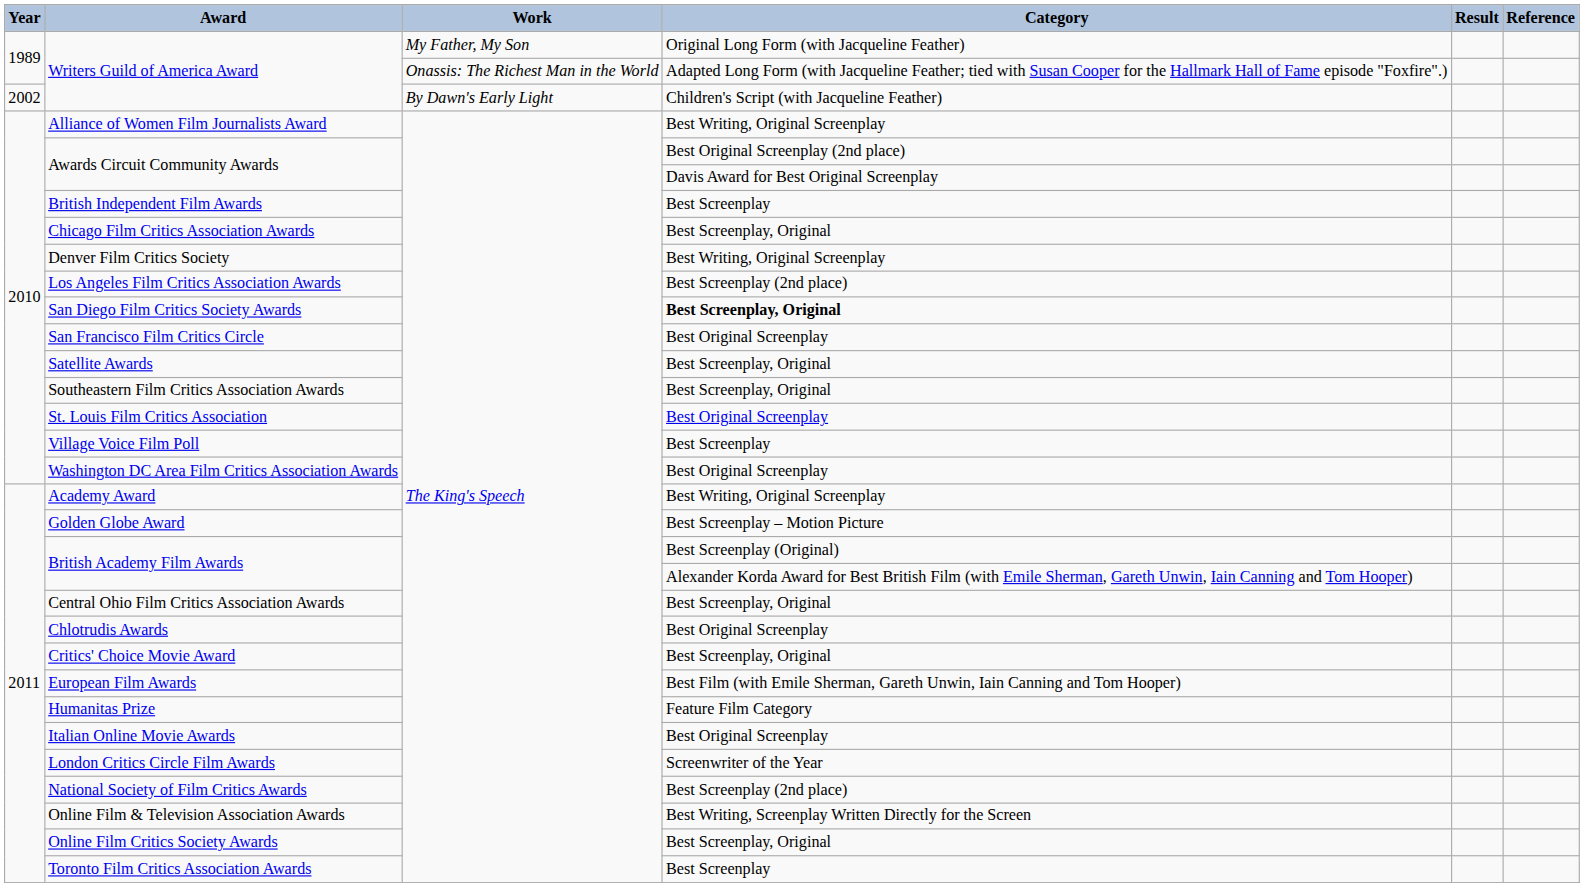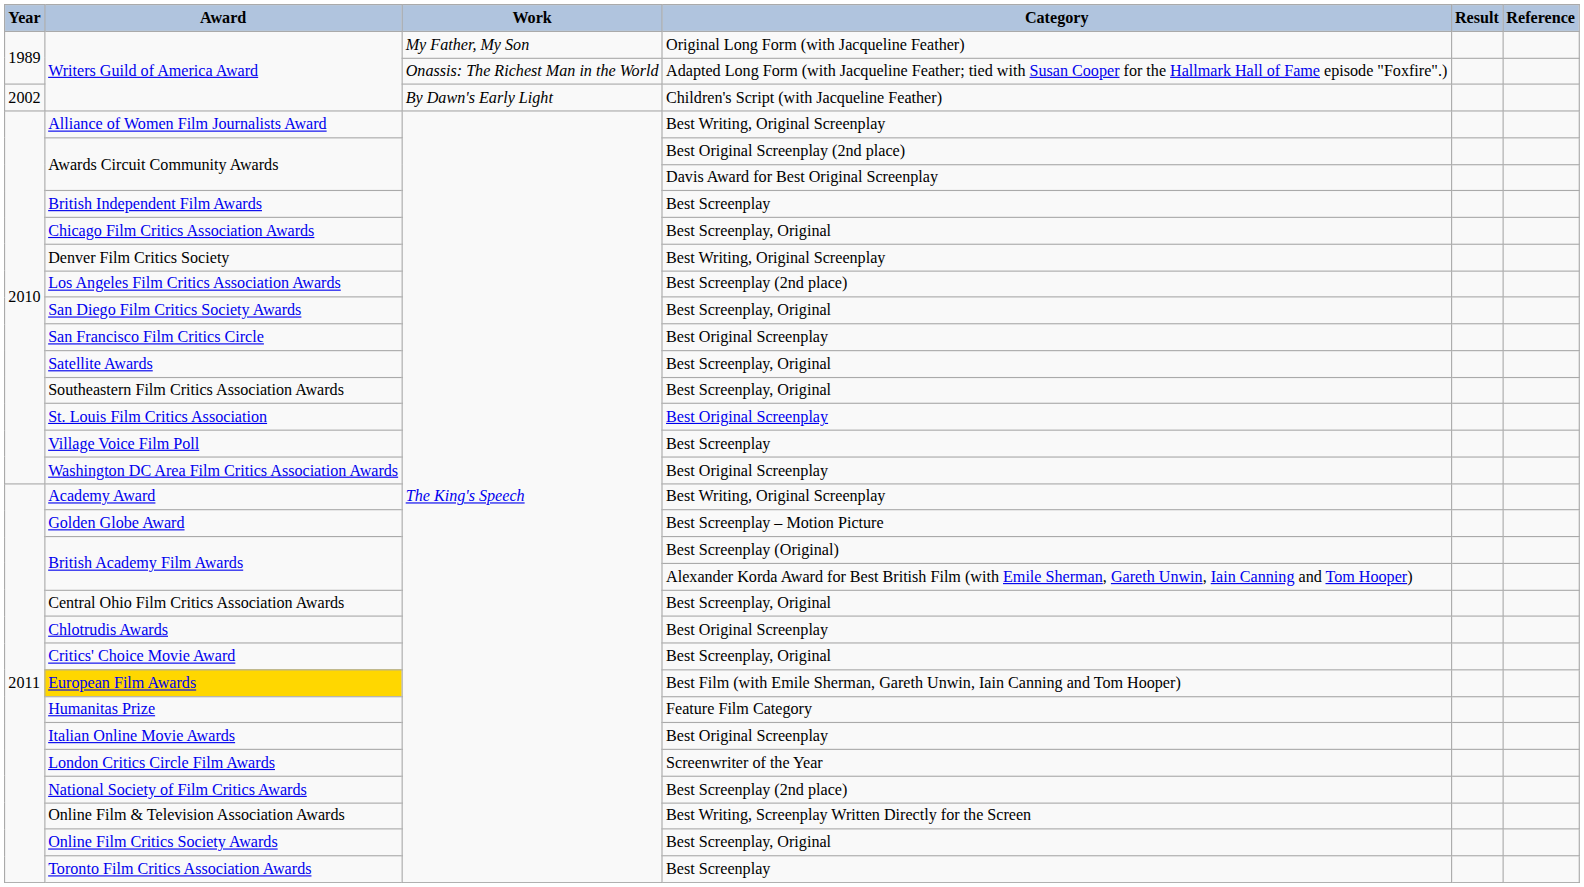 <table class="wikitable" style="font-size:90%">
 <tr style="text-align:center;">
 <th style="background:#B0C4DE;">Year</th>
 <th style="background:#B0C4DE;">Award</th>
 <th style="background:#B0C4DE;">Work</th>
 <th style="background:#B0C4DE;">Category</th>
 <th style="background:#B0C4DE;">Result</th>
 <th style="background:#B0C4DE;">Reference</th>
 </tr>
 <tr>
 <td rowspan="2">1989</td>
 <td rowspan="3"><a href='#'>Writers Guild of America Award</a></td>
 <td><em>My Father, My Son</em></td>
 <td>Original Long Form (with Jacqueline Feather)</td>
 <td></td>
 <td></td>
 </tr>
 <tr>
 <td><em>Onassis: The Richest Man in the World</em></td>
 <td>Adapted Long Form (with Jacqueline Feather; tied with <a href='#'>Susan Cooper</a> for the <a href='#'>Hallmark Hall of Fame</a> episode "Foxfire".)</td>
 <td></td>
 <td></td>
 </tr>
 <tr>
 <td>2002</td>
 <td><em>By Dawn's Early Light</em></td>
 <td>Children's Script (with Jacqueline Feather)</td>
 <td></td>
 <td></td>
 </tr>
 <tr>
 <td rowspan="14">2010</td>
 <td><a href='#'>Alliance of Women Film Journalists Award</a></td>
 <td rowspan="29"><em><a href='#'>The King's Speech</a></em></td>
 <td>Best Writing, Original Screenplay</td>
 <td></td>
 <td></td>
 </tr>
 <tr>
 <td rowspan="2">Awards Circuit Community Awards</td>
 <td>Best Original Screenplay (2nd place)</td>
 <td></td>
 <td></td>
 </tr>
 <tr>
 <td>Davis Award for Best Original Screenplay</td>
 <td></td>
 <td></td>
 </tr>
 <tr>
 <td><a href='#'>British Independent Film Awards</a></td>
 <td>Best Screenplay</td>
 <td></td>
 <td></td>
 </tr>
 <tr>
 <td><a href='#'>Chicago Film Critics Association Awards</a></td>
 <td>Best Screenplay, Original</td>
 <td></td>
 <td></td>
 </tr>
 <tr>
 <td>Denver Film Critics Society</td>
 <td>Best Writing, Original Screenplay</td>
 <td></td>
 <td></td>
 </tr>
 <tr>
 <td><a href='#'>Los Angeles Film Critics Association Awards</a></td>
 <td>Best Screenplay (2nd place)</td>
 <td></td>
 <td></td>
 </tr>
 <tr>
 <td><a href='#'>San Diego Film Critics Society Awards</a></td>
-<td><strong>Best Screenplay, Original</strong></td>
+<td>Best Screenplay, Original</td>
 <td></td>
 <td></td>
 </tr>
 <tr>
 <td><a href='#'>San Francisco Film Critics Circle</a></td>
 <td>Best Original Screenplay</td>
 <td></td>
 <td></td>
 </tr>
 <tr>
 <td><a href='#'>Satellite Awards</a></td>
 <td>Best Screenplay, Original</td>
 <td></td>
 <td></td>
 </tr>
 <tr>
 <td>Southeastern Film Critics Association Awards</td>
 <td>Best Screenplay, Original</td>
 <td></td>
 <td></td>
 </tr>
 <tr>
 <td><a href='#'>St. Louis Film Critics Association</a></td>
 <td><a href='#'>Best Original Screenplay</a></td>
 <td></td>
 <td></td>
 </tr>
 <tr>
 <td><a href='#'>Village Voice Film Poll</a></td>
 <td>Best Screenplay</td>
 <td></td>
 <td></td>
 </tr>
 <tr>
 <td><a href='#'>Washington DC Area Film Critics Association Awards</a></td>
 <td>Best Original Screenplay</td>
 <td></td>
 <td></td>
 </tr>
 <tr>
 <td rowspan="15">2011</td>
 <td><a href='#'>Academy Award</a></td>
 <td>Best Writing, Original Screenplay</td>
 <td></td>
 <td></td>
 </tr>
 <tr>
 <td><a href='#'>Golden Globe Award</a></td>
 <td>Best Screenplay – Motion Picture</td>
 <td></td>
 <td></td>
 </tr>
 <tr>
 <td rowspan="2"><a href='#'>British Academy Film Awards</a></td>
 <td>Best Screenplay (Original)</td>
 <td></td>
 <td></td>
 </tr>
 <tr>
 <td>Alexander Korda Award for Best British Film (with <a href='#'>Emile Sherman</a>, <a href='#'>Gareth Unwin</a>, <a href='#'>Iain Canning</a> and <a href='#'>Tom Hooper</a>)</td>
 <td></td>
 <td></td>
 </tr>
 <tr>
 <td>Central Ohio Film Critics Association Awards</td>
 <td>Best Screenplay, Original</td>
 <td></td>
 <td></td>
 </tr>
 <tr>
 <td><a href='#'>Chlotrudis Awards</a></td>
 <td>Best Original Screenplay</td>
 <td></td>
 <td></td>
 </tr>
 <tr>
 <td><a href='#'>Critics' Choice Movie Award</a></td>
 <td>Best Screenplay, Original</td>
 <td></td>
 <td></td>
 </tr>
 <tr>
-<td><a href='#'>European Film Awards</a></td>
+<td style="background: gold;"><a href='#'>European Film Awards</a></td>
 <td>Best Film (with Emile Sherman, Gareth Unwin, Iain Canning and Tom Hooper)</td>
 <td></td>
 <td></td>
 </tr>
 <tr>
 <td><a href='#'>Humanitas Prize</a></td>
 <td>Feature Film Category</td>
 <td></td>
 <td></td>
 </tr>
 <tr>
 <td><a href='#'>Italian Online Movie Awards</a></td>
 <td>Best Original Screenplay</td>
 <td></td>
 <td></td>
 </tr>
 <tr>
 <td><a href='#'>London Critics Circle Film Awards</a></td>
 <td>Screenwriter of the Year</td>
 <td></td>
 <td></td>
 </tr>
 <tr>
 <td><a href='#'>National Society of Film Critics Awards</a></td>
 <td>Best Screenplay (2nd place)</td>
 <td></td>
 <td></td>
 </tr>
 <tr>
 <td>Online Film & Television Association Awards</td>
 <td>Best Writing, Screenplay Written Directly for the Screen</td>
 <td></td>
 <td></td>
 </tr>
 <tr>
 <td><a href='#'>Online Film Critics Society Awards</a></td>
 <td>Best Screenplay, Original</td>
 <td></td>
 <td></td>
 </tr>
 <tr>
 <td><a href='#'>Toronto Film Critics Association Awards</a></td>
 <td>Best Screenplay</td>
 <td></td>
 <td></td>
 </tr>
 </table>
